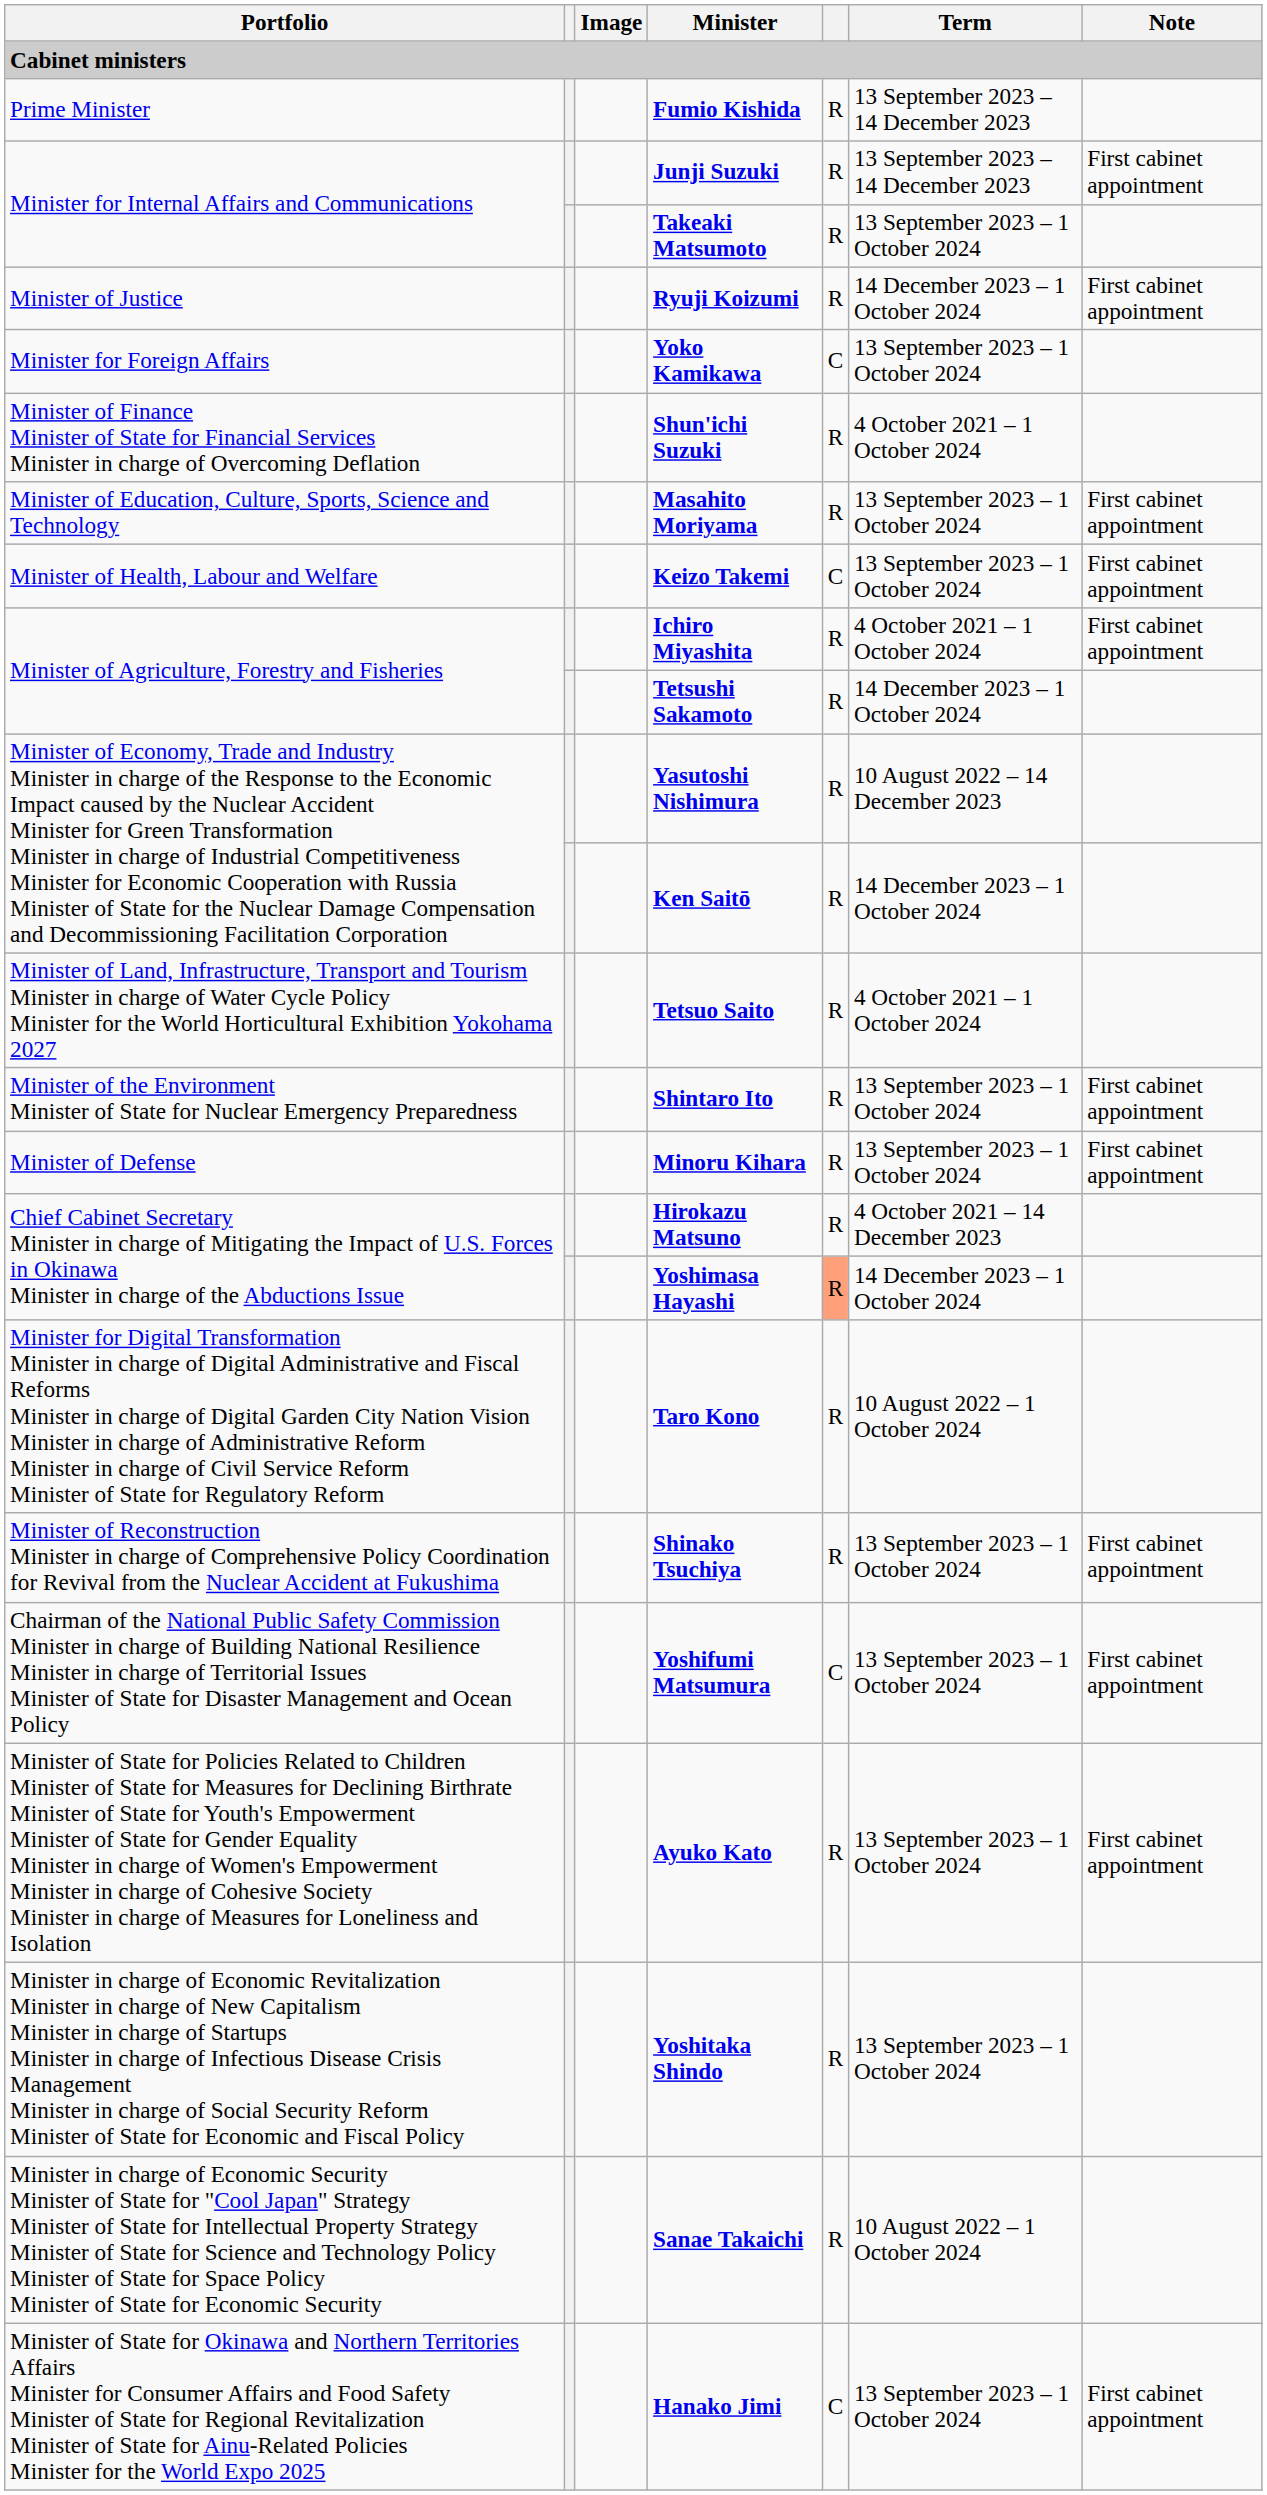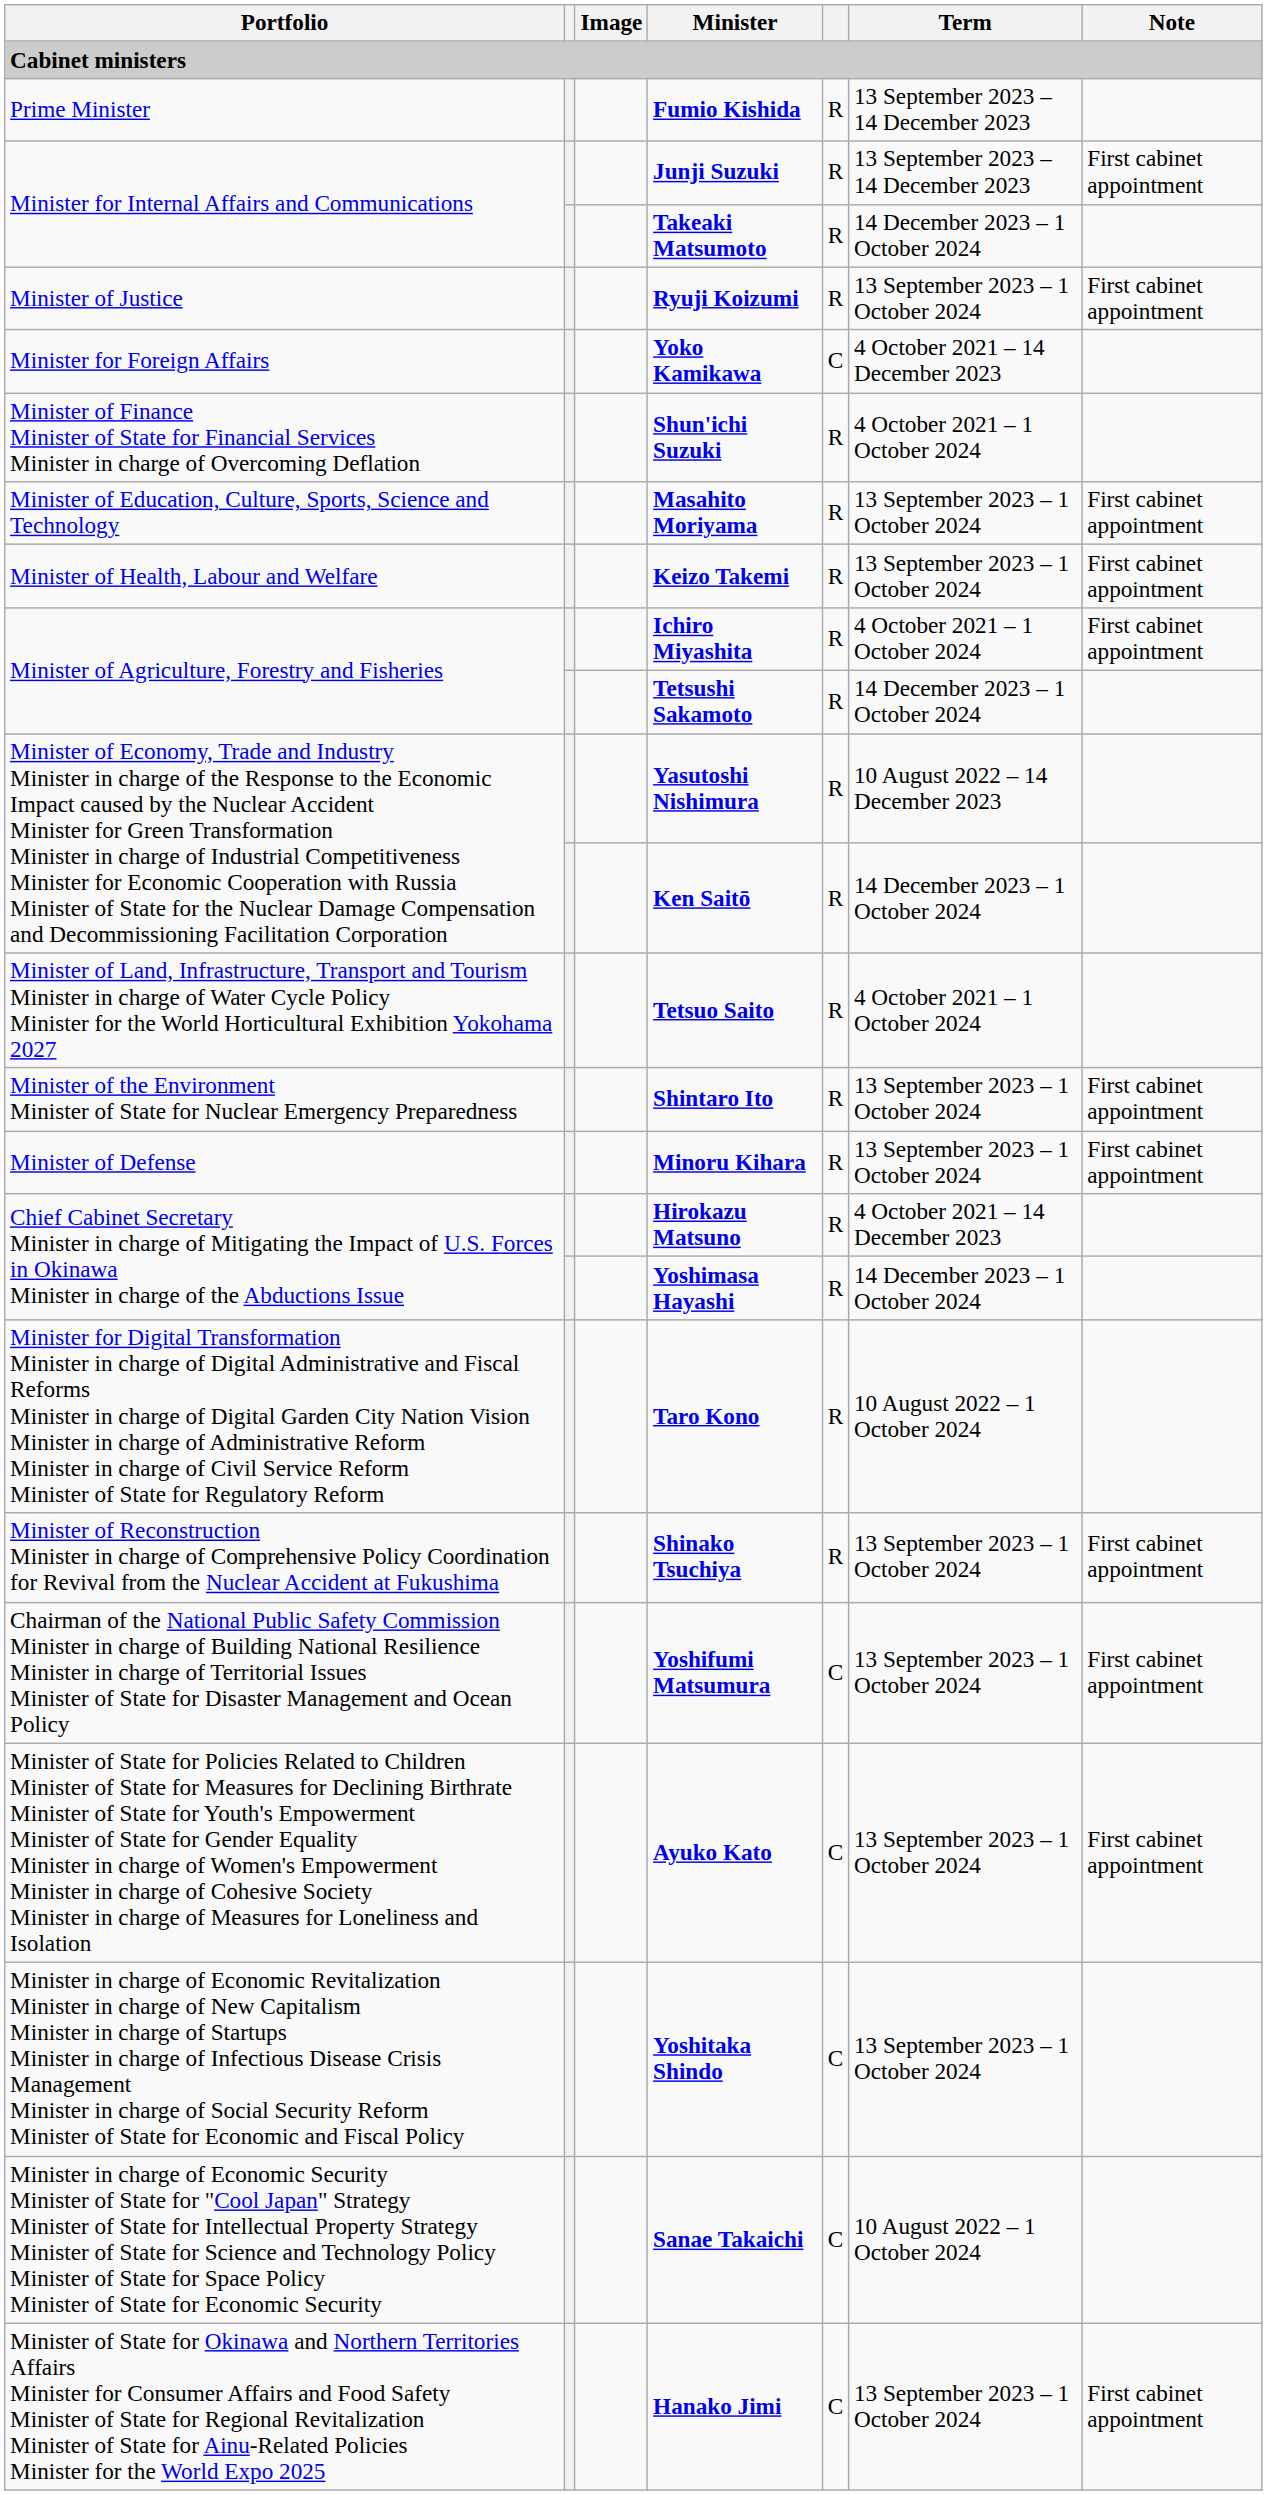 <table class="wikitable">
 <tr>
 <th>Portfolio</th>
 <th></th>
 <th>Image</th>
 <th>Minister</th>
 <th></th>
 <th>Term</th>
 <th>Note</th>
 </tr>
 <tr>
 <td colspan="8" style="background:#ccc;"><strong>Cabinet ministers</strong></td>
 </tr>
 <tr>
 <td><a href='#'>Prime Minister</a></td>
 <th style="color:inherit;background-color: "></th>
 <td style="text-align:center;"></td>
 <td><strong><a href='#'>Fumio Kishida</a></strong></td>
 <td>R</td>
 <td>13 September 2023 – 14 December 2023</td>
 <td></td>
 </tr>
 <tr>
 <td rowspan=2><a href='#'>Minister for Internal Affairs and Communications</a></td>
 <th style="color:inherit;background-color: "></th>
 <td style="text-align:center;"></td>
 <td><strong><a href='#'>Junji Suzuki</a></strong></td>
 <td>R</td>
 <td>13 September 2023 – 14 December 2023</td>
 <td>First cabinet appointment</td>
 </tr>
 <tr>
 <th style="color:inherit;background-color: "></th>
 <td style="text-align:center;"></td>
 <td><strong><a href='#'>Takeaki Matsumoto</a></strong></td>
 <td>R</td>
-<td>13 September 2023 – 1 October 2024</td>
+<td>14 December 2023 – 1 October 2024</td>
 <td></td>
 </tr>
 <tr>
 <td><a href='#'>Minister of Justice</a></td>
 <th style="color:inherit;background-color: "></th>
 <td style="text-align:center;"></td>
 <td><strong><a href='#'>Ryuji Koizumi</a></strong></td>
 <td>R</td>
-<td>14 December 2023 – 1 October 2024</td>
+<td>13 September 2023 – 1 October 2024</td>
 <td>First cabinet appointment</td>
 </tr>
 <tr>
 <td><a href='#'>Minister for Foreign Affairs</a></td>
 <th style="color:inherit;background-color: "></th>
 <td style="text-align:center;"></td>
 <td><strong><a href='#'>Yoko Kamikawa</a></strong></td>
 <td>C</td>
-<td>13 September 2023 – 1 October 2024</td>
+<td>4 October 2021 – 14 December 2023</td>
 <td></td>
 </tr>
 <tr>
 <td><a href='#'>Minister of Finance</a><br><a href='#'>Minister of State for Financial Services</a><br>Minister in charge of Overcoming Deflation</td>
 <th style="color:inherit;background-color: "></th>
 <td style="text-align:center;"></td>
 <td><strong><a href='#'>Shun'ichi Suzuki</a></strong></td>
 <td>R</td>
 <td>4 October 2021 – 1 October 2024</td>
 <td></td>
 </tr>
 <tr>
 <td><a href='#'>Minister of Education, Culture, Sports, Science and Technology</a></td>
 <th style="color:inherit;background-color: "></th>
 <td style="text-align:center;"></td>
 <td><strong><a href='#'>Masahito Moriyama</a></strong></td>
 <td>R</td>
 <td>13 September 2023 – 1 October 2024</td>
 <td>First cabinet appointment</td>
 </tr>
 <tr>
 <td><a href='#'>Minister of Health, Labour and Welfare</a></td>
 <th style="color:inherit;background-color: "></th>
 <td style="text-align:center;"></td>
 <td><strong><a href='#'>Keizo Takemi</a></strong></td>
-<td>C</td>
+<td>R</td>
 <td>13 September 2023 – 1 October 2024</td>
 <td>First cabinet appointment</td>
 </tr>
 <tr>
 <td rowspan=2><a href='#'>Minister of Agriculture, Forestry and Fisheries</a></td>
 <th style="color:inherit;background-color: "></th>
 <td style="text-align:center;"></td>
 <td><strong><a href='#'>Ichiro Miyashita</a></strong></td>
 <td>R</td>
 <td>4 October 2021 – 1 October 2024</td>
 <td>First cabinet appointment</td>
 </tr>
 <tr>
 <th style="color:inherit;background-color: "></th>
 <td style="text-align:center;"></td>
 <td><strong><a href='#'>Tetsushi Sakamoto</a></strong></td>
 <td>R</td>
 <td>14 December 2023 – 1 October 2024</td>
 <td></td>
 </tr>
 <tr>
 <td rowspan=2><a href='#'>Minister of Economy, Trade and Industry</a><br>Minister in charge of the Response to the Economic Impact caused by the Nuclear Accident<br>Minister for Green Transformation<br>Minister in charge of Industrial Competitiveness<br>Minister for Economic Cooperation with Russia<br>Minister of State for the Nuclear Damage Compensation and Decommissioning Facilitation Corporation</td>
 <th style="color:inherit;background-color: "></th>
 <td style="text-align:center;"></td>
 <td><strong><a href='#'>Yasutoshi Nishimura</a></strong></td>
 <td>R</td>
 <td>10 August 2022 – 14 December 2023</td>
 <td></td>
 </tr>
 <tr>
 <th style="color:inherit;background-color: "></th>
 <td style="text-align:center;"></td>
 <td><strong><a href='#'>Ken Saitō</a></strong></td>
 <td>R</td>
 <td>14 December 2023 – 1 October 2024</td>
 <td></td>
 </tr>
 <tr>
 <td><a href='#'>Minister of Land, Infrastructure, Transport and Tourism</a><br>Minister in charge of Water Cycle Policy<br>Minister for the World Horticultural Exhibition <a href='#'>Yokohama</a> <a href='#'>2027</a></td>
 <th style="color:inherit;background-color: "></th>
 <td style="text-align:center;"></td>
 <td><strong><a href='#'>Tetsuo Saito</a></strong></td>
 <td>R</td>
 <td>4 October 2021 – 1 October 2024</td>
 <td></td>
 </tr>
 <tr>
 <td><a href='#'>Minister of the Environment</a><br>Minister of State for Nuclear Emergency Preparedness</td>
 <th style="color:inherit;background-color: "></th>
 <td style="text-align:center;"></td>
 <td><strong><a href='#'>Shintaro Ito</a></strong></td>
 <td>R</td>
 <td>13 September 2023 – 1 October 2024</td>
 <td>First cabinet appointment</td>
 </tr>
 <tr>
 <td><a href='#'>Minister of Defense</a></td>
 <th style="color:inherit;background-color: "></th>
 <td style="text-align:center;"></td>
 <td><a href='#'><strong>Minoru Kihara</strong></a></td>
 <td>R</td>
 <td>13 September 2023 – 1 October 2024</td>
 <td>First cabinet appointment</td>
 </tr>
 <tr>
 <td rowspan=2><a href='#'>Chief Cabinet Secretary</a><br>Minister in charge of Mitigating the Impact of <a href='#'>U.S. Forces in Okinawa</a><br>Minister in charge of the <a href='#'>Abductions Issue</a></td>
 <th style="color:inherit;background-color: "></th>
 <td style="text-align:center;"></td>
 <td><strong><a href='#'>Hirokazu Matsuno</a></strong></td>
 <td>R</td>
 <td>4 October 2021 – 14 December 2023</td>
 <td></td>
 </tr>
 <tr>
 <th style="color:inherit;background-color: "></th>
 <td style="text-align:center;"></td>
 <td><strong><a href='#'>Yoshimasa Hayashi</a></strong></td>
-<td style="background: lightsalmon;">R</td>
+<td>R</td>
 <td>14 December 2023 – 1 October 2024</td>
 <td></td>
 </tr>
 <tr>
 <td><a href='#'>Minister for Digital Transformation</a><br>Minister in charge of Digital Administrative and Fiscal Reforms<br>Minister in charge of Digital Garden City Nation Vision<br>Minister in charge of Administrative Reform<br>Minister in charge of Civil Service Reform<br>Minister of State for Regulatory Reform</td>
 <th style="color:inherit;background-color: "></th>
 <td style="text-align:center;"></td>
 <td><strong><a href='#'>Taro Kono</a></strong></td>
 <td>R</td>
 <td>10 August 2022 – 1 October 2024</td>
 <td></td>
 </tr>
 <tr>
 <td><a href='#'>Minister of Reconstruction</a><br>Minister in charge of Comprehensive Policy Coordination for Revival from the <a href='#'>Nuclear Accident at Fukushima</a></td>
 <th style="color:inherit;background-color: "></th>
 <td style="text-align:center;"></td>
 <td><strong><a href='#'>Shinako Tsuchiya</a></strong></td>
 <td>R</td>
 <td>13 September 2023 – 1 October 2024</td>
 <td>First cabinet appointment</td>
 </tr>
 <tr>
 <td>Chairman of the <a href='#'>National Public Safety Commission</a><br>Minister in charge of Building National Resilience<br>Minister in charge of Territorial Issues<br>Minister of State for Disaster Management and Ocean Policy</td>
 <th style="color:inherit;background-color: "></th>
 <td style="text-align:center;"></td>
 <td><strong><a href='#'>Yoshifumi Matsumura</a></strong></td>
 <td>C</td>
 <td>13 September 2023 – 1 October 2024</td>
 <td>First cabinet appointment</td>
 </tr>
 <tr>
 <td>Minister of State for Policies Related to Children<br>Minister of State for Measures for Declining Birthrate<br>Minister of State for Youth's Empowerment<br>Minister of State for Gender Equality<br>Minister in charge of Women's Empowerment<br>Minister in charge of Cohesive Society<br>Minister in charge of Measures for Loneliness and Isolation</td>
 <th style="color:inherit;background-color: "></th>
 <td style="text-align:center;"></td>
 <td><strong><a href='#'>Ayuko Kato</a></strong></td>
-<td>R</td>
+<td>C</td>
 <td>13 September 2023 – 1 October 2024</td>
 <td>First cabinet appointment</td>
 </tr>
 <tr>
 <td>Minister in charge of Economic Revitalization<br>Minister in charge of New Capitalism<br>Minister in charge of Startups<br>Minister in charge of Infectious Disease Crisis Management<br>Minister in charge of Social Security Reform<br>Minister of State for Economic and Fiscal Policy</td>
 <th style="color:inherit;background-color: "></th>
 <td style="text-align:center;"></td>
 <td><strong><a href='#'>Yoshitaka Shindo</a></strong></td>
-<td>R</td>
+<td>C</td>
 <td>13 September 2023 – 1 October 2024</td>
 <td></td>
 </tr>
 <tr>
 <td>Minister in charge of Economic Security<br>Minister of State for "<a href='#'>Cool Japan</a>" Strategy<br>Minister of State for Intellectual Property Strategy<br>Minister of State for Science and Technology Policy<br>Minister of State for Space Policy<br>Minister of State for Economic Security</td>
 <th style="color:inherit;background-color: "></th>
 <td style="text-align:center;"></td>
 <td><strong><a href='#'>Sanae Takaichi</a></strong></td>
-<td>R</td>
+<td>C</td>
 <td>10 August 2022 – 1 October 2024</td>
 <td></td>
 </tr>
 <tr>
 <td>Minister of State for <a href='#'>Okinawa</a> and <a href='#'>Northern Territories</a> Affairs<br>Minister for Consumer Affairs and Food Safety<br>Minister of State for Regional Revitalization<br>Minister of State for <a href='#'>Ainu</a>-Related Policies<br>Minister for the <a href='#'>World Expo 2025</a></td>
 <th style="color:inherit;background-color: "></th>
 <td style="text-align:center;"></td>
 <td><strong><a href='#'>Hanako Jimi</a></strong></td>
 <td>C</td>
 <td>13 September 2023 – 1 October 2024</td>
 <td>First cabinet appointment</td>
 </tr>
 </table>
